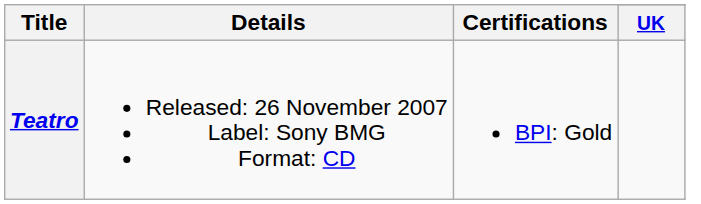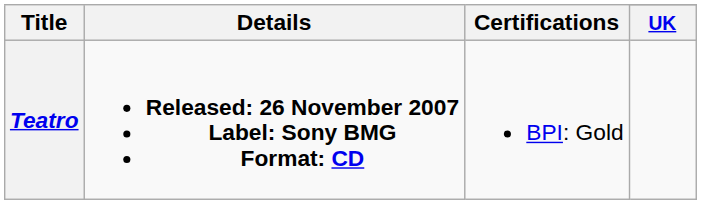 <table class="wikitable plainrowheaders" style="text-align:center;">
 <tr>
 <th scope="col" rowspan="2">Title</th>
 <th scope="col" rowspan="2">Details</th>
 <th scope="col" rowspan="2">Certifications</th>
 </tr>
 <tr>
 <th scope="col" style="width:3em;font-size:85%;"><a href='#'>UK</a></th>
 </tr>
 <tr>
 <th scope="row"><em><a href='#'>Teatro</a></em></th>
-<td><br><ul><li>Released: 26 November 2007</li><li>Label: Sony BMG</li><li>Format: <a href='#'>CD</a></li></ul></td>
+<td><strong><br><ul><li>Released: 26 November 2007</li><li>Label: Sony BMG</li><li>Format: <a href='#'>CD</a></li></ul></strong></td>
 <td><br><ul><li><a href='#'>BPI</a>: Gold</li></ul></td>
 <td></td>
 </tr>
 </table>
